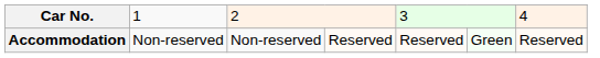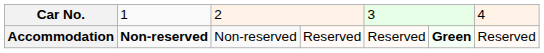 <table class="wikitable">
 <tr>
 <th>Car No.</th>
 <td>1</td>
 <td colspan="2" style="background: #FFF2E6">2</td>
 <td colspan="2" style="background: #E6FFE6">3</td>
 <td style="background: #FFF2E6">4</td>
 </tr>
 <tr>
 <th>Accommodation</th>
-<td>Non-reserved</td>
+<td><strong>Non-reserved</strong></td>
 <td>Non-reserved</td>
 <td style="background: #FFFAF5">Reserved</td>
 <td style="background: #FFFAF5">Reserved</td>
-<td style="background: #F5FFF5">Green</td>
+<td style="background: #F5FFF5"><strong>Green</strong></td>
 <td style="background: #FFFAF5">Reserved</td>
 </tr>
 </table>
